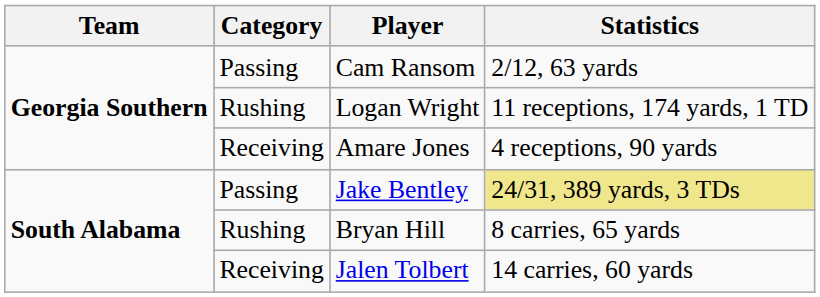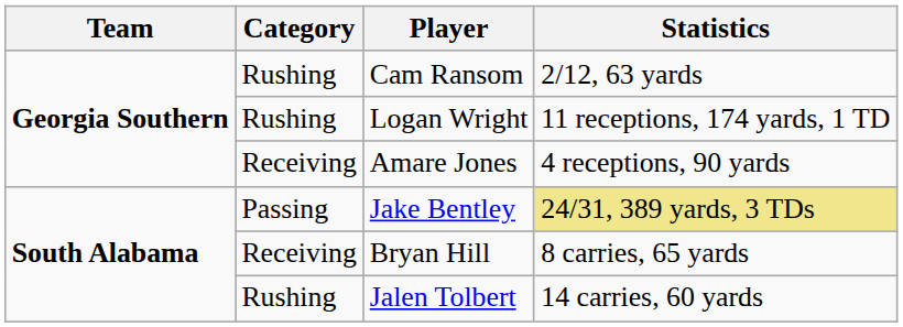 <table class="wikitable" style="float: left;">
 <tr>
 <th>Team</th>
 <th>Category</th>
 <th>Player</th>
 <th>Statistics</th>
 </tr>
 <tr>
 <td rowspan=3><strong>Georgia Southern</strong></td>
-<td>Passing</td>
+<td>Rushing</td>
 <td>Cam Ransom</td>
 <td>2/12, 63 yards</td>
 </tr>
 <tr>
 <td>Rushing</td>
 <td>Logan Wright</td>
 <td>11 receptions, 174 yards, 1 TD</td>
 </tr>
 <tr>
 <td>Receiving</td>
 <td>Amare Jones</td>
 <td>4 receptions, 90 yards</td>
 </tr>
 <tr>
 <td rowspan=3><strong>South Alabama</strong></td>
 <td>Passing</td>
 <td><a href='#'>Jake Bentley</a></td>
 <td style="background: khaki;">24/31, 389 yards, 3 TDs</td>
 </tr>
 <tr>
-<td>Rushing</td>
+<td>Receiving</td>
 <td>Bryan Hill</td>
 <td>8 carries, 65 yards</td>
 </tr>
 <tr>
-<td>Receiving</td>
+<td>Rushing</td>
 <td><a href='#'>Jalen Tolbert</a></td>
 <td>14 carries, 60 yards</td>
 </tr>
 </table>
